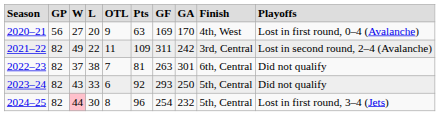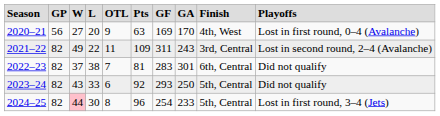 <table class="wikitable">
 <tr style="font-weight:bold; background:#ddd;">
 <td>Season</td>
 <td>GP</td>
 <td>W</td>
 <td>L</td>
 <td>OTL</td>
 <td>Pts</td>
 <td>GF</td>
 <td>GA</td>
 <td>Finish</td>
 <td>Playoffs</td>
 </tr>
 <tr>
 <td><a href='#'>2020–21</a></td>
 <td>56</td>
 <td>27</td>
 <td>20</td>
 <td>9</td>
 <td>63</td>
 <td>169</td>
 <td>170</td>
 <td>4th, West</td>
 <td>Lost in first round, 0–4 (<a href='#'>Avalanche</a>)</td>
 </tr>
 <tr style="background:#eee;">
 <td><a href='#'>2021–22</a></td>
 <td>82</td>
 <td>49</td>
 <td>22</td>
 <td>11</td>
 <td>109</td>
 <td>311</td>
-<td>242</td>
+<td>243</td>
 <td>3rd, Central</td>
 <td>Lost in second round, 2–4 (Avalanche)</td>
 </tr>
 <tr>
 <td><a href='#'>2022–23</a></td>
 <td>82</td>
 <td>37</td>
 <td>38</td>
 <td>7</td>
 <td>81</td>
-<td>263</td>
+<td>283</td>
 <td>301</td>
 <td>6th, Central</td>
 <td>Did not qualify</td>
 </tr>
 <tr style="background:#eee;">
 <td><a href='#'>2023–24</a></td>
 <td>82</td>
 <td>43</td>
 <td>33</td>
 <td>6</td>
 <td>92</td>
 <td>293</td>
 <td>250</td>
 <td>5th, Central</td>
 <td>Did not qualify</td>
 </tr>
 <tr>
 <td><a href='#'>2024–25</a></td>
 <td>82</td>
 <td style="background: pink;">44</td>
 <td>30</td>
 <td>8</td>
 <td>96</td>
 <td>254</td>
-<td>232</td>
+<td>233</td>
 <td>5th, Central</td>
 <td>Lost in first round, 3–4 (<a href='#'>Jets</a>)</td>
 </tr>
 </table>
